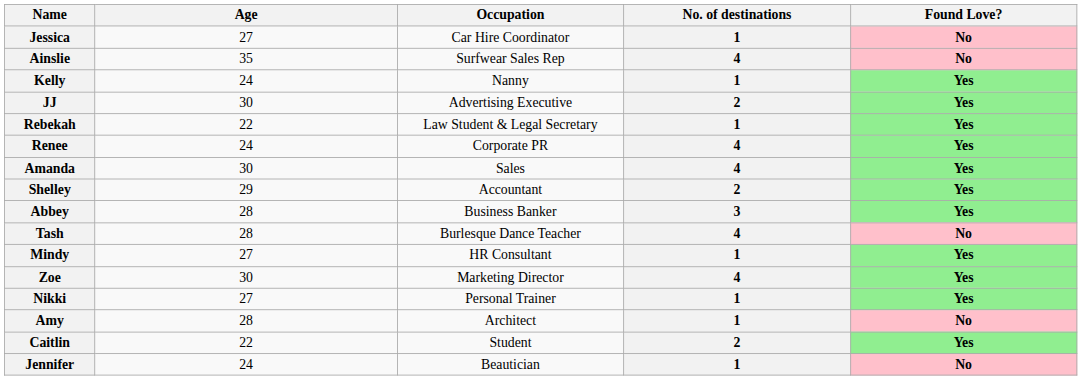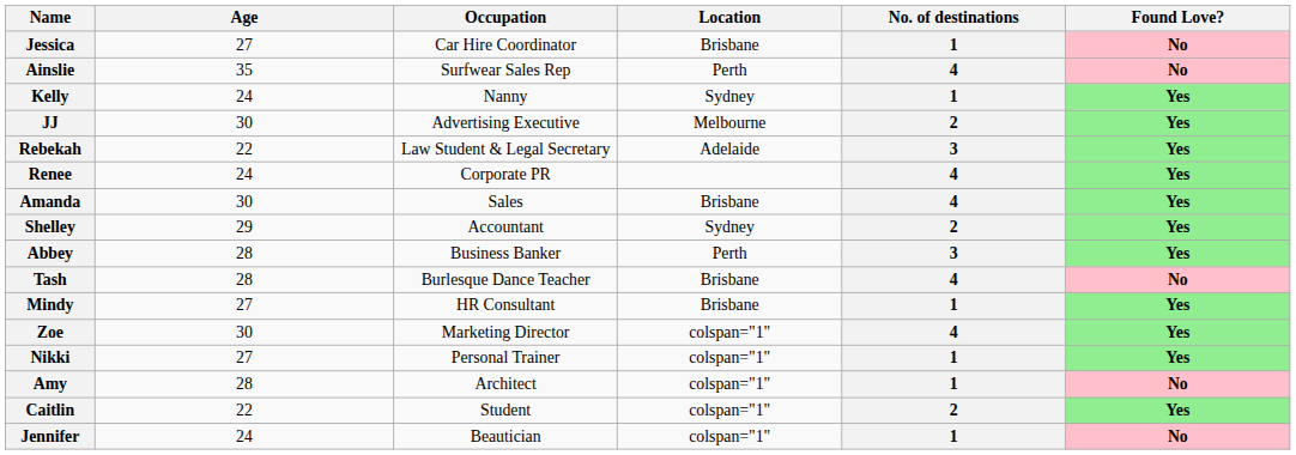 <table class="wikitable sortable" style="text-align:center">
 <tr>
 <th scope="col" style="width:6%;">Name</th>
 <th scope="col" style="width:20%;">Age</th>
 <th scope="col" style="width:15%;">Occupation</th>
+<th scope="col" style="width:15%;">Location</th>
 <th scope="col" style="width:15%;">No. of destinations</th>
 <th scope="col" style="width:15%;">Found Love?</th>
 </tr>
 <tr>
 <th>Jessica</th>
 <td>27</td>
 <td>Car Hire Coordinator</td>
+<td>Brisbane</td>
 <th>1</th>
 <th style="background:pink">No</th>
 </tr>
 <tr>
 <th>Ainslie</th>
 <td>35</td>
 <td>Surfwear Sales Rep</td>
+<td>Perth</td>
 <th>4</th>
 <th style="background:pink">No</th>
 </tr>
 <tr>
 <th>Kelly</th>
 <td>24</td>
 <td>Nanny</td>
+<td>Sydney</td>
 <th>1</th>
 <th style="background:lightgreen">Yes</th>
 </tr>
 <tr>
 <th>JJ</th>
 <td>30</td>
 <td>Advertising Executive</td>
+<td>Melbourne</td>
 <th>2</th>
 <th style="background:lightgreen">Yes</th>
 </tr>
 <tr>
 <th>Rebekah</th>
 <td>22</td>
 <td>Law Student & Legal Secretary</td>
-<th>1</th>
+<td>Adelaide</td>
+<th>3</th>
 <th style="background:lightgreen">Yes</th>
 </tr>
 <tr>
 <th>Renee</th>
 <td>24</td>
 <td>Corporate PR</td>
+<td></td>
 <th>4</th>
 <th style="background:lightgreen">Yes</th>
 </tr>
 <tr>
 <th>Amanda</th>
 <td>30</td>
 <td>Sales</td>
+<td>Brisbane</td>
 <th>4</th>
 <th style="background:lightgreen">Yes</th>
 </tr>
 <tr>
 <th>Shelley</th>
 <td>29</td>
 <td>Accountant</td>
+<td>Sydney</td>
 <th>2</th>
 <th style="background:lightgreen">Yes</th>
 </tr>
 <tr>
 <th>Abbey</th>
 <td>28</td>
 <td>Business Banker</td>
+<td>Perth</td>
 <th>3</th>
 <th style="background:lightgreen">Yes</th>
 </tr>
 <tr>
 <th>Tash</th>
 <td>28</td>
 <td>Burlesque Dance Teacher</td>
+<td>Brisbane</td>
 <th>4</th>
 <th style="background:pink">No</th>
 </tr>
 <tr>
 <th>Mindy</th>
 <td>27</td>
 <td>HR Consultant</td>
+<td>Brisbane</td>
 <th>1</th>
 <th style="background:lightgreen">Yes</th>
 </tr>
 <tr>
 <th>Zoe</th>
 <td>30</td>
 <td>Marketing Director</td>
+<td>colspan="1" </td>
 <th>4</th>
 <th style="background:lightgreen">Yes</th>
 </tr>
 <tr>
 <th>Nikki</th>
 <td>27</td>
 <td>Personal Trainer</td>
+<td>colspan="1" </td>
 <th>1</th>
 <th style="background:lightgreen">Yes</th>
 </tr>
 <tr>
 <th>Amy</th>
 <td>28</td>
 <td>Architect</td>
+<td>colspan="1" </td>
 <th>1</th>
 <th style="background:pink">No</th>
 </tr>
 <tr>
 <th>Caitlin</th>
 <td>22</td>
 <td>Student</td>
+<td>colspan="1" </td>
 <th>2</th>
 <th style="background:lightgreen">Yes</th>
 </tr>
 <tr>
 <th>Jennifer</th>
 <td>24</td>
 <td>Beautician</td>
+<td>colspan="1" </td>
 <th>1</th>
 <th style="background:pink">No</th>
 </tr>
 </table>
